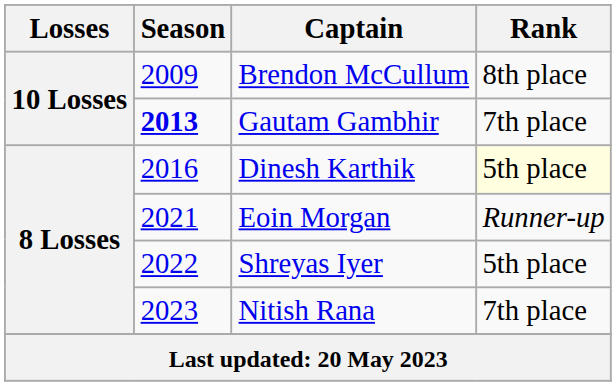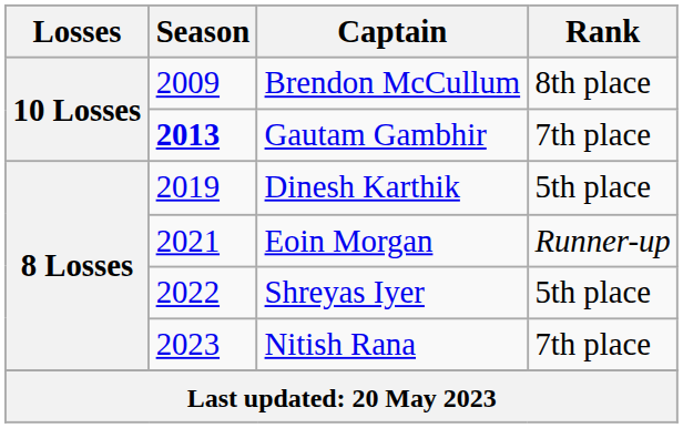 <table class="wikitable sortable" style="text-align:left;font-size:96%;">
 <tr>
 <th>Losses</th>
 <th>Season</th>
 <th>Captain</th>
 <th>Rank</th>
 </tr>
 <tr>
 <th scope=row style=text-align:center; rowspan=2>10 Losses</th>
 <td><a href='#'>2009</a></td>
 <td><a href='#'>Brendon McCullum</a></td>
 <td>8th place</td>
 </tr>
 <tr>
 <td><strong><a href='#'>2013</a></strong></td>
 <td><a href='#'>Gautam Gambhir</a></td>
 <td>7th place</td>
 </tr>
 <tr>
 <th scope=row style=text-align:center; rowspan=4>8 Losses</th>
-<td><a href='#'>2016</a></td>
+<td><a href='#'>2019</a></td>
 <td><a href='#'>Dinesh Karthik</a></td>
-<td style="background: lightyellow;">5th place</td>
+<td>5th place</td>
 </tr>
 <tr>
 <td><a href='#'>2021</a></td>
 <td><a href='#'>Eoin Morgan</a></td>
 <td><em>Runner-up</em></td>
 </tr>
 <tr>
 <td><a href='#'>2022</a></td>
 <td><a href='#'>Shreyas Iyer</a></td>
 <td>5th place</td>
 </tr>
 <tr>
 <td><a href='#'>2023</a></td>
 <td><a href='#'>Nitish Rana</a></td>
 <td>7th place</td>
 </tr>
 <tr>
 </tr>
 <tr class="sortbottom">
 <th colspan="4"><small>Last updated: 20 May 2023</small></th>
 </tr>
 </table>
